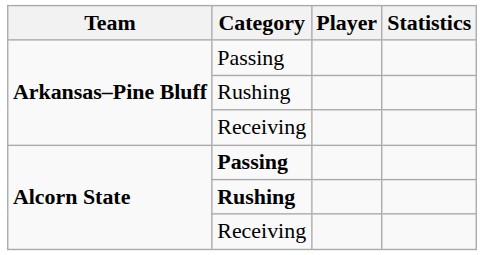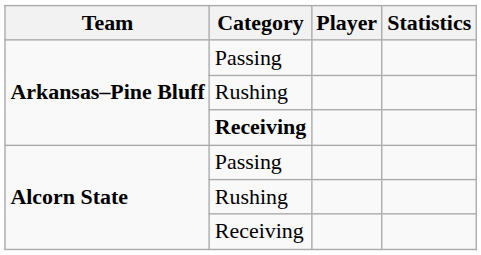 <table class="wikitable" style="float: right;">
 <tr>
 <th>Team</th>
 <th>Category</th>
 <th>Player</th>
 <th>Statistics</th>
 </tr>
 <tr>
 <td rowspan=3><strong>Arkansas–Pine Bluff</strong></td>
 <td>Passing</td>
 <td></td>
 <td></td>
 </tr>
 <tr>
 <td>Rushing</td>
 <td></td>
 <td></td>
 </tr>
 <tr>
-<td>Receiving</td>
+<td><strong>Receiving</strong></td>
 <td></td>
 <td></td>
 </tr>
 <tr>
 <td rowspan=3><strong>Alcorn State</strong></td>
-<td><strong>Passing</strong></td>
+<td>Passing</td>
 <td></td>
 <td></td>
 </tr>
 <tr>
-<td><strong>Rushing</strong></td>
+<td>Rushing</td>
 <td></td>
 <td></td>
 </tr>
 <tr>
 <td>Receiving</td>
 <td></td>
 <td></td>
 </tr>
 </table>
